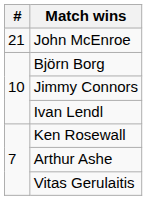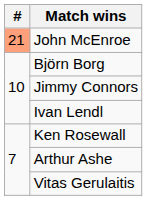 <table class="wikitable" style="display:inline-table;">
 <tr>
 <th width=20>#</th>
 <th>Match wins</th>
 </tr>
 <tr>
-<td>21</td>
+<td style="background: lightsalmon;">21</td>
 <td> John McEnroe</td>
 </tr>
 <tr>
 <td rowspan="3">10</td>
 <td> Björn Borg</td>
 </tr>
 <tr>
 <td> Jimmy Connors</td>
 </tr>
 <tr>
 <td> Ivan Lendl</td>
 </tr>
 <tr>
 <td rowspan="3">7</td>
 <td> Ken Rosewall</td>
 </tr>
 <tr>
 <td> Arthur Ashe</td>
 </tr>
 <tr>
 <td> Vitas Gerulaitis</td>
 </tr>
 </table>
